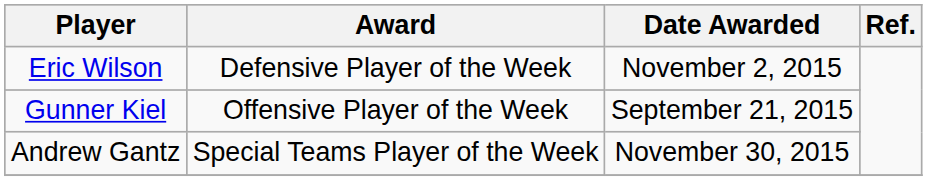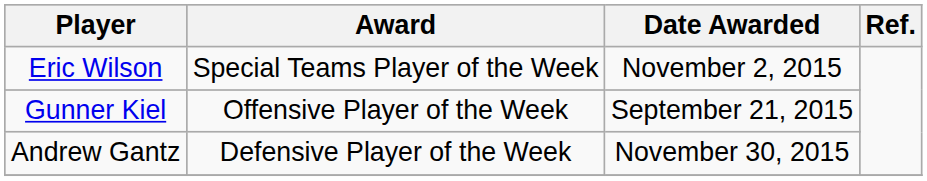 <table class="wikitable sortable sortable" style="text-align: center">
 <tr align=center>
 <th>Player</th>
 <th>Award</th>
 <th>Date Awarded</th>
 <th>Ref.</th>
 </tr>
 <tr>
 <td><a href='#'>Eric Wilson</a></td>
-<td>Defensive Player of the Week</td>
+<td>Special Teams Player of the Week</td>
 <td>November 2, 2015</td>
 <td rowspan="3"></td>
 </tr>
 <tr>
 <td><a href='#'>Gunner Kiel</a></td>
 <td>Offensive Player of the Week</td>
 <td>September 21, 2015</td>
 </tr>
 <tr>
 <td>Andrew Gantz</td>
-<td>Special Teams Player of the Week</td>
+<td>Defensive Player of the Week</td>
 <td>November 30, 2015</td>
 </tr>
 <tr>
 </tr>
 </table>
